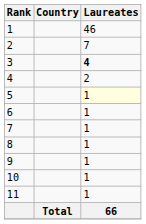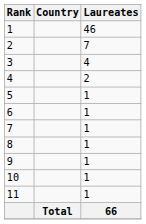 <table class="wikitable sortable">
 <tr>
 <th>Rank</th>
 <th>Country</th>
 <th>Laureates</th>
 </tr>
 <tr>
 <td>1</td>
 <td></td>
 <td>46</td>
 </tr>
 <tr>
 <td>2</td>
 <td></td>
 <td>7</td>
 </tr>
 <tr>
 <td>3</td>
 <td></td>
-<td><strong>4</strong></td>
+<td>4</td>
 </tr>
 <tr>
 <td>4</td>
 <td></td>
 <td>2</td>
 </tr>
 <tr>
 <td>5</td>
 <td></td>
-<td style="background: lightyellow;">1</td>
+<td>1</td>
 </tr>
 <tr>
 <td>6</td>
 <td></td>
 <td>1</td>
 </tr>
 <tr>
 <td>7</td>
 <td></td>
 <td>1</td>
 </tr>
 <tr>
 <td>8</td>
 <td></td>
 <td>1</td>
 </tr>
 <tr>
 <td>9</td>
 <td></td>
 <td>1</td>
 </tr>
 <tr>
 <td>10</td>
 <td></td>
 <td>1</td>
 </tr>
 <tr>
 <td>11</td>
 <td></td>
 <td>1</td>
 </tr>
 <tr class="sortbottom">
 <th></th>
 <th>Total</th>
 <th>66</th>
 </tr>
 <tr>
 </tr>
 </table>
